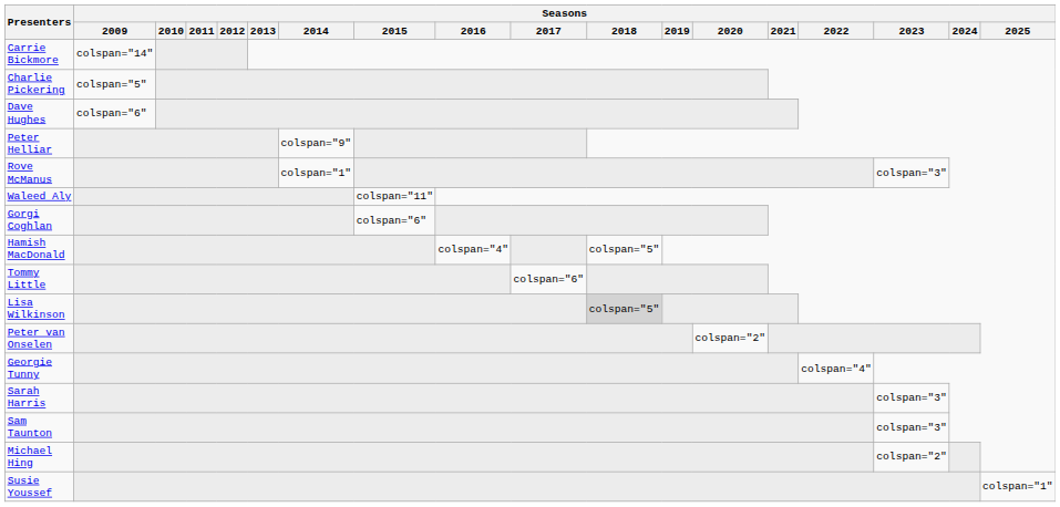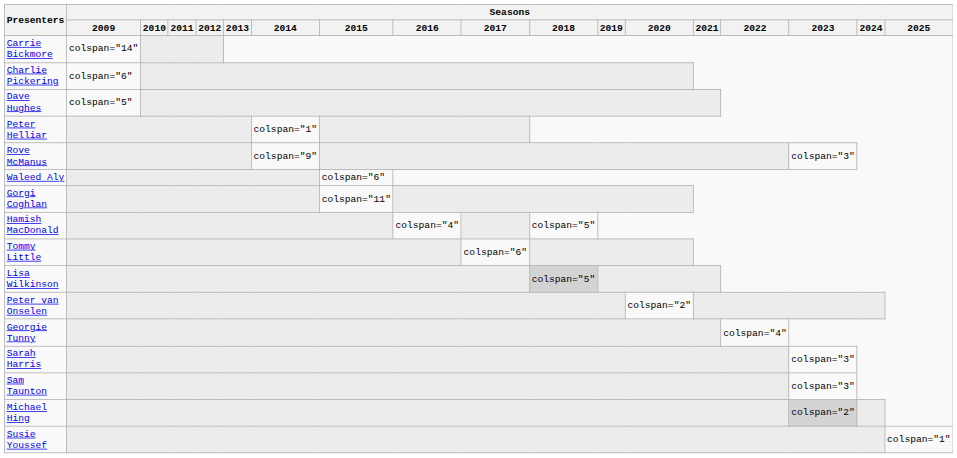 <table class="wikitable plainrowheaders">
 <tr>
 <th scope="col" rowspan="2">Presenters</th>
 <th colspan="17" scope="col">Seasons</th>
 </tr>
 <tr>
 <th scope="col">2009</th>
 <th scope="col">2010</th>
 <th scope="col">2011</th>
 <th scope="col">2012</th>
 <th scope="col">2013</th>
 <th scope="col">2014</th>
 <th scope="col">2015</th>
 <th scope="col">2016</th>
 <th scope="col">2017</th>
 <th scope="col">2018</th>
 <th scope="col">2019</th>
 <th scope="col">2020</th>
 <th scope="col">2021</th>
 <th scope="col">2022</th>
 <th scope="col">2023</th>
 <th>2024</th>
 <th>2025</th>
 </tr>
 <tr>
 <td scope="row"><a href='#'>Carrie Bickmore</a></td>
 <td>colspan="14" </td>
 <td colspan="3" style="background:#ececec; color:gray; vertical-align:middle; text-align:center;" class="table-na"></td>
 </tr>
 <tr>
 <td scope="row"><a href='#'>Charlie Pickering</a></td>
-<td>colspan="5" </td>
+<td>colspan="6" </td>
 <td colspan="11" style="background:#ececec; color:gray; vertical-align:middle; text-align:center;" class="table-na"></td>
 </tr>
 <tr>
 <td scope="row"><a href='#'>Dave Hughes</a></td>
-<td>colspan="6" </td>
+<td>colspan="5" </td>
 <td colspan="12" style="background:#ececec; color:gray; vertical-align:middle; text-align:center;" class="table-na"></td>
 </tr>
 <tr>
 <td scope="row"><a href='#'>Peter Helliar</a></td>
 <td colspan="5" style="background:#ececec; color:gray; vertical-align:middle; text-align:center;" class="table-na"></td>
-<td>colspan="9" </td>
+<td>colspan="1" </td>
 <td colspan="3" style="background:#ececec; color:gray; vertical-align:middle; text-align:center;" class="table-na"></td>
 </tr>
 <tr>
 <td scope="row"><a href='#'>Rove McManus</a></td>
 <td colspan="5" style="background:#ececec; color:gray; vertical-align:middle; text-align:center;" class="table-na"></td>
-<td>colspan="1" </td>
+<td>colspan="9" </td>
 <td colspan="8" style="background:#ececec; color:gray; vertical-align:middle; text-align:center;" class="table-na"></td>
 <td>colspan="3" </td>
 </tr>
 <tr>
 <td scope="row"><a href='#'>Waleed Aly</a></td>
 <td colspan="6" style="background:#ececec; color:gray; vertical-align:middle; text-align:center;" class="table-na"></td>
-<td>colspan="11" </td>
+<td>colspan="6" </td>
 </tr>
 <tr>
 <td scope="row"><a href='#'>Gorgi Coghlan</a></td>
 <td colspan="6" style="background:#ececec; color:gray; vertical-align:middle; text-align:center;" class="table-na"></td>
-<td>colspan="6" </td>
+<td>colspan="11" </td>
 <td colspan="5" style="background:#ececec; color:gray; vertical-align:middle; text-align:center;" class="table-na"></td>
 </tr>
 <tr>
 <td scope="row"><a href='#'>Hamish MacDonald</a></td>
 <td colspan="7" style="background:#ececec; color:gray; vertical-align:middle; text-align:center;" class="table-na"></td>
 <td>colspan="4" </td>
 <td colspan="1" style="background:#ececec; color:gray; vertical-align:middle; text-align:center;" class="table-na"></td>
 <td>colspan="5" </td>
 </tr>
 <tr>
 <td><a href='#'>Tommy Little</a></td>
 <td colspan="8" style="background:#ececec; color:gray; vertical-align:middle; text-align:center;" class="table-na"></td>
 <td>colspan="6" </td>
 <td colspan="3" style="background:#ececec; color:gray; vertical-align:middle; text-align:center;" class="table-na"></td>
 </tr>
 <tr>
 <td scope="row"><a href='#'>Lisa Wilkinson</a></td>
 <td colspan="9" style="background:#ececec; color:gray; vertical-align:middle; text-align:center;" class="table-na"></td>
 <td style="background: lightgrey;">colspan="5" </td>
 <td colspan="3" style="background:#ececec; color:gray; vertical-align:middle; text-align:center;" class="table-na"></td>
 </tr>
 <tr>
 <td scope="row"><a href='#'>Peter van Onselen</a></td>
 <td colspan="11" style="background:#ececec; color:gray; vertical-align:middle; text-align:center;" class="table-na"></td>
 <td>colspan="2" </td>
 <td colspan="4" style="background:#ececec; color:gray; vertical-align:middle; text-align:center;" class="table-na"></td>
 </tr>
 <tr>
 <td scope="row"><a href='#'>Georgie Tunny</a></td>
 <td colspan="13" style="background:#ececec; color:gray; vertical-align:middle; text-align:center;" class="table-na"></td>
 <td>colspan="4" </td>
 </tr>
 <tr>
 <td scope="row"><a href='#'>Sarah Harris</a></td>
 <td colspan="14" style="background:#ececec; color:gray; vertical-align:middle; text-align:center;" class="table-na"></td>
 <td>colspan="3" </td>
 </tr>
 <tr>
 <td scope="row"><a href='#'>Sam Taunton</a></td>
 <td colspan="14" style="background:#ececec; color:gray; vertical-align:middle; text-align:center;" class="table-na"></td>
 <td>colspan="3" </td>
 </tr>
 <tr>
 <td scope="row"><a href='#'>Michael Hing</a></td>
 <td colspan="14" style="background:#ececec; color:gray; vertical-align:middle; text-align:center;" class="table-na"></td>
-<td>colspan="2" </td>
+<td style="background: lightgrey;">colspan="2" </td>
 <td colspan="1" style="background:#ececec; color:gray; vertical-align:middle; text-align:center;" class="table-na"></td>
 </tr>
 <tr>
 <td><a href='#'>Susie Youssef</a></td>
 <td colspan="16" style="background:#ececec; color:gray; vertical-align:middle; text-align:center;" class="table-na"></td>
 <td>colspan="1" </td>
 </tr>
 </table>
